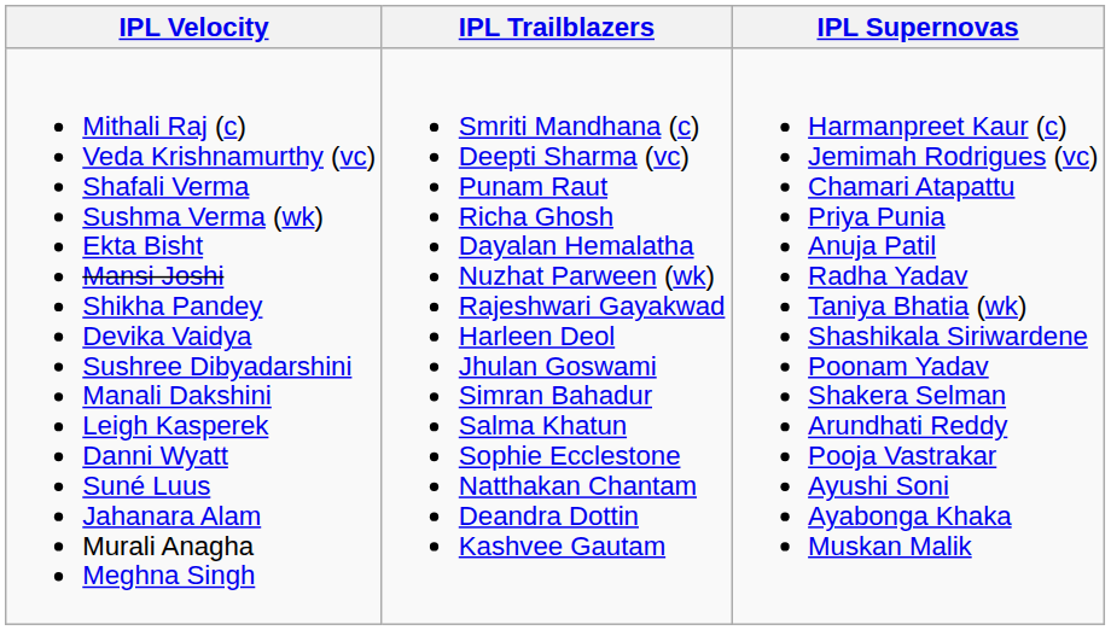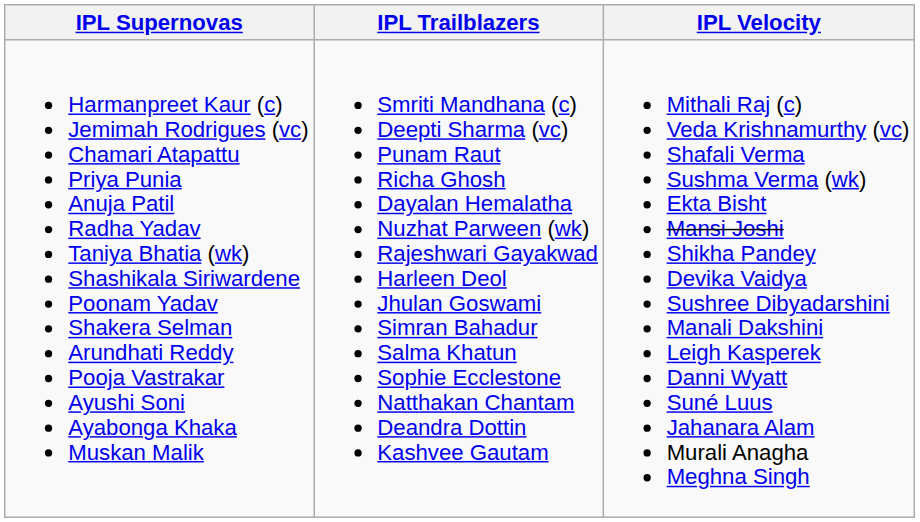 <table class="wikitable" Style="font-size:95%;">
 <tr>
+<th><a href='#'>IPL Supernovas</a></th>
+<th><a href='#'>IPL Trailblazers</a></th>
 <th><a href='#'>IPL Velocity</a></th>
-<th><a href='#'>IPL Trailblazers</a></th>
-<th><a href='#'>IPL Supernovas</a></th>
 </tr>
 <tr>
+<td valign=top><br><ul><li> <a href='#'>Harmanpreet Kaur</a> (<a href='#'>c</a>)</li><li> <a href='#'>Jemimah Rodrigues</a> (<a href='#'>vc</a>)</li><li> <a href='#'>Chamari Atapattu</a></li><li> <a href='#'>Priya Punia</a></li><li> <a href='#'>Anuja Patil</a></li><li> <a href='#'>Radha Yadav</a></li><li> <a href='#'>Taniya Bhatia</a> (<a href='#'>wk</a>)</li><li> <a href='#'>Shashikala Siriwardene</a></li><li> <a href='#'>Poonam Yadav</a></li><li> <a href='#'>Shakera Selman</a></li><li> <a href='#'>Arundhati Reddy</a></li><li> <a href='#'>Pooja Vastrakar</a></li><li> <a href='#'>Ayushi Soni</a></li><li> <a href='#'>Ayabonga Khaka</a></li><li> <a href='#'>Muskan Malik</a></li></ul></td>
+<td valign=top><br><ul><li> <a href='#'>Smriti Mandhana</a> (<a href='#'>c</a>)</li><li> <a href='#'>Deepti Sharma</a> (<a href='#'>vc</a>)</li><li> <a href='#'>Punam Raut</a></li><li> <a href='#'>Richa Ghosh</a></li><li> <a href='#'>Dayalan Hemalatha</a></li><li> <a href='#'>Nuzhat Parween</a> (<a href='#'>wk</a>)</li><li> <a href='#'>Rajeshwari Gayakwad</a></li><li> <a href='#'>Harleen Deol</a></li><li> <a href='#'>Jhulan Goswami</a></li><li> <a href='#'>Simran Bahadur</a></li><li> <a href='#'>Salma Khatun</a></li><li> <a href='#'>Sophie Ecclestone</a></li><li> <a href='#'>Natthakan Chantam</a></li><li> <a href='#'>Deandra Dottin</a></li><li> <a href='#'>Kashvee Gautam</a></li></ul></td>
 <td valign=top><br><ul><li> <a href='#'>Mithali Raj</a> (<a href='#'>c</a>)</li><li> <a href='#'>Veda Krishnamurthy</a> (<a href='#'>vc</a>)</li><li> <a href='#'>Shafali Verma</a></li><li> <a href='#'>Sushma Verma</a> (<a href='#'>wk</a>)</li><li> <a href='#'>Ekta Bisht</a></li><li><s> <a href='#'>Mansi Joshi</a></s></li><li> <a href='#'>Shikha Pandey</a></li><li> <a href='#'>Devika Vaidya</a></li><li> <a href='#'>Sushree Dibyadarshini</a></li><li> <a href='#'>Manali Dakshini</a></li><li> <a href='#'>Leigh Kasperek</a></li><li> <a href='#'>Danni Wyatt</a></li><li> <a href='#'>Suné Luus</a></li><li> <a href='#'>Jahanara Alam</a></li><li> Murali Anagha</li><li> <a href='#'>Meghna Singh</a></li></ul></td>
-<td valign=top><br><ul><li> <a href='#'>Smriti Mandhana</a> (<a href='#'>c</a>)</li><li> <a href='#'>Deepti Sharma</a> (<a href='#'>vc</a>)</li><li> <a href='#'>Punam Raut</a></li><li> <a href='#'>Richa Ghosh</a></li><li> <a href='#'>Dayalan Hemalatha</a></li><li> <a href='#'>Nuzhat Parween</a> (<a href='#'>wk</a>)</li><li> <a href='#'>Rajeshwari Gayakwad</a></li><li> <a href='#'>Harleen Deol</a></li><li> <a href='#'>Jhulan Goswami</a></li><li> <a href='#'>Simran Bahadur</a></li><li> <a href='#'>Salma Khatun</a></li><li> <a href='#'>Sophie Ecclestone</a></li><li> <a href='#'>Natthakan Chantam</a></li><li> <a href='#'>Deandra Dottin</a></li><li> <a href='#'>Kashvee Gautam</a></li></ul></td>
-<td valign=top><br><ul><li> <a href='#'>Harmanpreet Kaur</a> (<a href='#'>c</a>)</li><li> <a href='#'>Jemimah Rodrigues</a> (<a href='#'>vc</a>)</li><li> <a href='#'>Chamari Atapattu</a></li><li> <a href='#'>Priya Punia</a></li><li> <a href='#'>Anuja Patil</a></li><li> <a href='#'>Radha Yadav</a></li><li> <a href='#'>Taniya Bhatia</a> (<a href='#'>wk</a>)</li><li> <a href='#'>Shashikala Siriwardene</a></li><li> <a href='#'>Poonam Yadav</a></li><li> <a href='#'>Shakera Selman</a></li><li> <a href='#'>Arundhati Reddy</a></li><li> <a href='#'>Pooja Vastrakar</a></li><li> <a href='#'>Ayushi Soni</a></li><li> <a href='#'>Ayabonga Khaka</a></li><li> <a href='#'>Muskan Malik</a></li></ul></td>
 </tr>
 </table>
